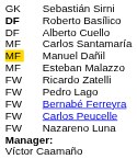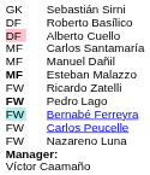 <table style="font-size:90%; margin:0.2em auto;" cellspacing="0" cellpadding="0">
 <tr>
 <th width="25"></th>
 <th width="25"></th>
 </tr>
 <tr>
 <td>GK</td>
 <td></td>
 <td> Sebastián Sirni</td>
 </tr>
 <tr>
-<td><strong>DF</strong></td>
+<td>DF</td>
 <td></td>
 <td> Roberto Basílico</td>
 </tr>
 <tr>
-<td>DF</td>
+<td style="background: pink;">DF</td>
 <td></td>
 <td> Alberto Cuello</td>
 </tr>
 <tr>
 <td>MF</td>
 <td></td>
 <td> Carlos Santamaría</td>
 </tr>
 <tr>
-<td style="background: gold;">MF</td>
+<td>MF</td>
 <td></td>
 <td> Manuel Dañil</td>
 </tr>
 <tr>
-<td>MF</td>
+<td><strong>MF</strong></td>
 <td></td>
 <td> Esteban Malazzo</td>
 </tr>
 <tr>
 <td>FW</td>
 <td></td>
 <td>  Ricardo Zatelli</td>
 </tr>
 <tr>
-<td>FW</td>
+<td><strong>FW</strong></td>
 <td></td>
 <td> Pedro Lago</td>
 </tr>
 <tr>
-<td>FW</td>
+<td style="background: paleturquoise;">FW</td>
 <td></td>
 <td> <a href='#'>Bernabé Ferreyra</a></td>
 </tr>
 <tr>
 <td>FW</td>
 <td></td>
 <td> <a href='#'>Carlos Peucelle</a></td>
 </tr>
 <tr>
 <td>FW</td>
 <td></td>
 <td> Nazareno Luna</td>
 </tr>
 <tr>
 <td colspan=3><strong>Manager:</strong></td>
 </tr>
 <tr>
 <td colspan=4> Víctor Caamaño</td>
 </tr>
 </table>
